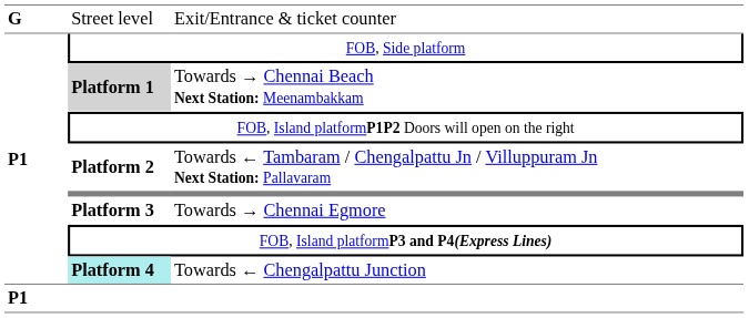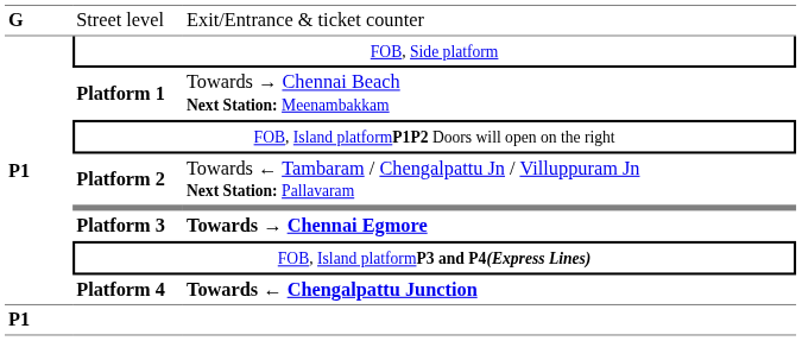 <table cellpadding="3" cellspacing="0" border="0">
 <tr>
 <td valign="top" width="30" style="border-top:solid 1px gray;border-bottom:solid 1px gray;"><strong>G</strong></td>
 <td valign="top" width="85" style="border-top:solid 1px gray;border-bottom:solid 1px gray;">Street level</td>
 <td valign="top" width="500" style="border-top:solid 1px gray;border-bottom:solid 1px gray;">Exit/Entrance & ticket counter</td>
 </tr>
 <tr>
 <td rowspan="7" style="border-bottom:solid 1px gray;" width="50" valign="center"><strong>P1</strong></td>
 <td colspan="2" style="border-right:solid 2px black;border-left:solid 2px black;border-bottom:solid 2px black;text-align:center;"><a href='#'><small>FOB</small></a><small>, <a href='#'>Side platform</a></small></td>
 </tr>
 <tr>
-<td width="85" style="background: lightgrey; border-bottom:solid 1px white;"><span><strong>Platform 1</strong></span></td>
+<td width="85" style="border-bottom:solid 1px white;"><span><strong>Platform 1</strong></span></td>
 <td width="500" style="border-bottom:solid 1px white;">Towards → <a href='#'>Chennai Beach</a><br><small><strong>Next Station:</strong> <a href='#'>Meenambakkam</a></small></td>
 </tr>
 <tr>
 <td colspan="2" style="border-top:solid 2px black;border-right:solid 2px black;border-left:solid 2px black;border-bottom:solid 2px black;text-align:center;"><a href='#'><small>FOB</small></a><small>, <a href='#'>Island platform</a><strong>P1</strong><strong>P2</strong> Doors will open on the right</small></td>
 </tr>
 <tr>
 <td width="85" style="border-bottom:solid 5px gray;"><span><strong>Platform 2</strong></span></td>
 <td width="500" style="border-bottom:solid 5px gray;">Towards ← <a href='#'>Tambaram</a> / <a href='#'>Chengalpattu Jn</a> / <a href='#'>Villuppuram Jn</a><br><small><strong>Next Station:</strong> <a href='#'>Pallavaram</a></small></td>
 </tr>
 <tr>
 <td width="85" style="border-bottom:solid 1px white;"><span><strong>Platform 3</strong></span></td>
-<td style="border-bottom:solid 1px white;" width="500">Towards → <a href='#'>Chennai Egmore</a></td>
+<td style="border-bottom:solid 1px white;" width="500"><strong>Towards → <a href='#'>Chennai Egmore</a></strong></td>
 </tr>
 <tr>
 <td colspan="2" style="border-top:solid 2px black;border-right:solid 2px black;border-left:solid 2px black;border-bottom:solid 2px black;text-align:center;"><a href='#'><small>FOB</small></a><small>, <a href='#'>Island platform</a><strong>P3 and P4</strong><strong><em>(Express Lines)</em></strong></small></td>
 </tr>
 <tr>
-<td width="85" style="background: paleturquoise; border-bottom:solid 1px gray;"><span><strong>Platform 4</strong></span></td>
-<td style="border-bottom:solid 1px gray;" width="500">Towards ← <a href='#'>Chengalpattu Junction</a></td>
+<td width="85" style="border-bottom:solid 1px gray;"><span><strong>Platform 4</strong></span></td>
+<td style="border-bottom:solid 1px gray;" width="500"><strong>Towards ← <a href='#'>Chengalpattu Junction</a></strong></td>
 </tr>
 <tr>
 <td style="border-bottom:solid 1px gray;" width="50" valign="top"><strong>P1</strong></td>
 <td style="border-bottom:solid 1px gray;" width="50" valign="top"></td>
 <td style="border-bottom:solid 1px gray;" width="50" valign="top"></td>
 </tr>
 <tr>
 </tr>
 </table>
